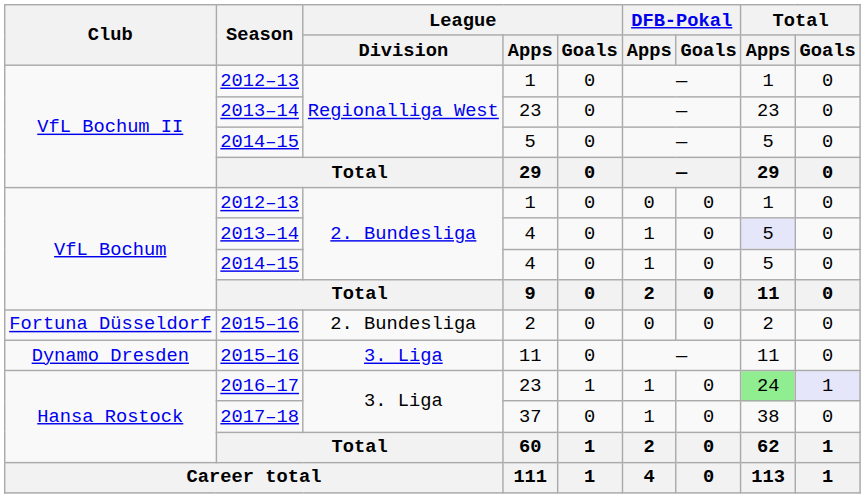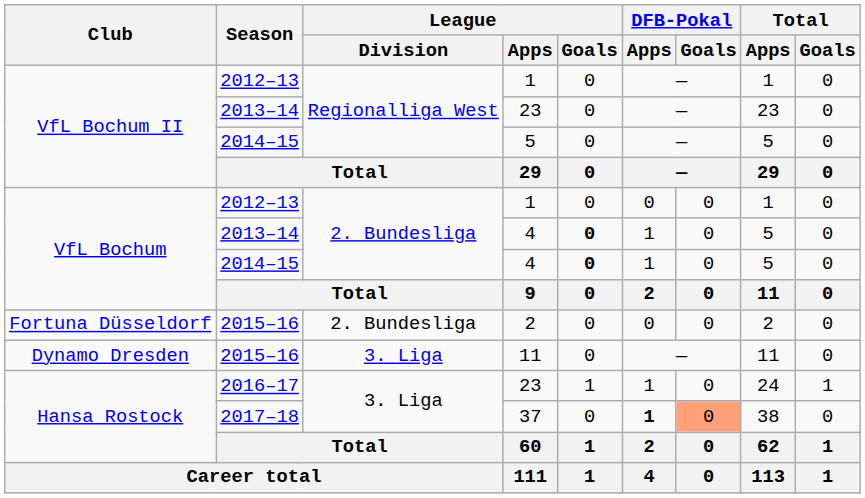 <table class="wikitable" style="text-align:center">
 <tr>
 <th rowspan="2">Club</th>
 <th rowspan="2">Season</th>
 <th colspan="3">League</th>
 <th colspan="2"><a href='#'>DFB-Pokal</a></th>
 <th colspan="2">Total</th>
 </tr>
 <tr>
 <th>Division</th>
 <th>Apps</th>
 <th>Goals</th>
 <th>Apps</th>
 <th>Goals</th>
 <th>Apps</th>
 <th>Goals</th>
 </tr>
 <tr>
 <td rowspan="4"><a href='#'>VfL Bochum II</a></td>
 <td><a href='#'>2012–13</a></td>
 <td rowspan="3"><a href='#'>Regionalliga West</a></td>
 <td>1</td>
 <td>0</td>
 <td colspan="2">—</td>
 <td>1</td>
 <td>0</td>
 </tr>
 <tr>
 <td><a href='#'>2013–14</a></td>
 <td>23</td>
 <td>0</td>
 <td colspan="2">—</td>
 <td>23</td>
 <td>0</td>
 </tr>
 <tr>
 <td><a href='#'>2014–15</a></td>
 <td>5</td>
 <td>0</td>
 <td colspan="2">—</td>
 <td>5</td>
 <td>0</td>
 </tr>
 <tr>
 <th colspan="2">Total</th>
 <th>29</th>
 <th>0</th>
 <th colspan="2">—</th>
 <th>29</th>
 <th>0</th>
 </tr>
 <tr>
 <td rowspan="4"><a href='#'>VfL Bochum</a></td>
 <td><a href='#'>2012–13</a></td>
 <td rowspan="3"><a href='#'>2. Bundesliga</a></td>
 <td>1</td>
 <td>0</td>
 <td>0</td>
 <td>0</td>
 <td>1</td>
 <td>0</td>
 </tr>
 <tr>
 <td><a href='#'>2013–14</a></td>
 <td>4</td>
-<td>0</td>
+<td><strong>0</strong></td>
 <td>1</td>
 <td>0</td>
-<td style="background: lavender;">5</td>
+<td>5</td>
 <td>0</td>
 </tr>
 <tr>
 <td><a href='#'>2014–15</a></td>
 <td>4</td>
-<td>0</td>
+<td><strong>0</strong></td>
 <td>1</td>
 <td>0</td>
 <td>5</td>
 <td>0</td>
 </tr>
 <tr>
 <th colspan="2">Total</th>
 <th>9</th>
 <th>0</th>
 <th>2</th>
 <th>0</th>
 <th>11</th>
 <th>0</th>
 </tr>
 <tr>
 <td><a href='#'>Fortuna Düsseldorf</a></td>
 <td><a href='#'>2015–16</a></td>
 <td>2. Bundesliga</td>
 <td>2</td>
 <td>0</td>
 <td>0</td>
 <td>0</td>
 <td>2</td>
 <td>0</td>
 </tr>
 <tr>
 <td><a href='#'>Dynamo Dresden</a></td>
 <td><a href='#'>2015–16</a></td>
 <td><a href='#'>3. Liga</a></td>
 <td>11</td>
 <td>0</td>
 <td colspan="2">—</td>
 <td>11</td>
 <td>0</td>
 </tr>
 <tr>
 <td rowspan="3"><a href='#'>Hansa Rostock</a></td>
 <td><a href='#'>2016–17</a></td>
 <td rowspan="2">3. Liga</td>
 <td>23</td>
 <td>1</td>
 <td>1</td>
 <td>0</td>
-<td style="background: lightgreen;">24</td>
-<td style="background: lavender;">1</td>
+<td>24</td>
+<td>1</td>
 </tr>
 <tr>
 <td><a href='#'>2017–18</a></td>
 <td>37</td>
 <td>0</td>
-<td>1</td>
-<td>0</td>
+<td><strong>1</strong></td>
+<td style="background: lightsalmon;">0</td>
 <td>38</td>
 <td>0</td>
 </tr>
 <tr>
 <th colspan="2">Total</th>
 <th>60</th>
 <th>1</th>
 <th>2</th>
 <th>0</th>
 <th>62</th>
 <th>1</th>
 </tr>
 <tr>
 <th colspan="3">Career total</th>
 <th>111</th>
 <th>1</th>
 <th>4</th>
 <th>0</th>
 <th>113</th>
 <th>1</th>
 </tr>
 </table>
